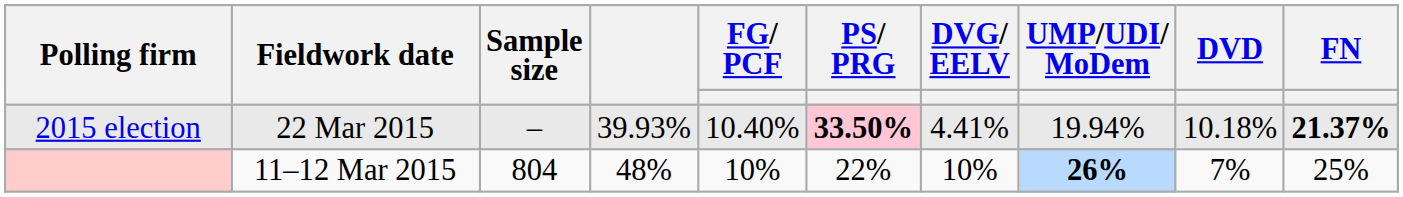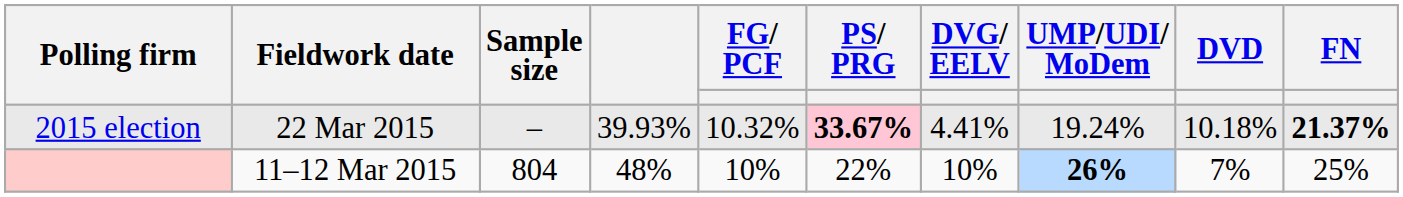 <table class="wikitable sortable" style="text-align:center;font-size:90%;line-height:14px;">
 <tr style="height:40px;">
 <th style="width:100px;" rowspan="2">Polling firm</th>
 <th style="width:110px;" rowspan="2">Fieldwork date</th>
 <th style="width:35px;" rowspan="2">Sample<br>size</th>
 <th style="width:30px;" rowspan="2"></th>
 <th class="unsortable" style="width:40px;"><a href='#'>FG</a>/<br><a href='#'>PCF</a></th>
 <th class="unsortable" style="width:40px;"><a href='#'>PS</a>/<br><a href='#'>PRG</a></th>
 <th class="unsortable" style="width:40px;"><a href='#'>DVG</a>/<br><a href='#'>EELV</a></th>
 <th class="unsortable" style="width:40px;"><a href='#'>UMP</a>/<a href='#'>UDI</a>/<br><a href='#'>MoDem</a></th>
 <th class="unsortable" style="width:40px;"><a href='#'>DVD</a></th>
 <th class="unsortable" style="width:40px;"><a href='#'>FN</a></th>
 </tr>
 <tr>
 <th style="background:"></th>
 <th style="background:"></th>
 <th style="background:"></th>
 <th style="background:"></th>
 <th style="background:"></th>
 <th style="background:"></th>
 </tr>
 <tr style="background:#E9E9E9;">
 <td><a href='#'>2015 election</a></td>
 <td data-sort-value="2015-03-22">22 Mar 2015</td>
 <td>–</td>
 <td>39.93%</td>
-<td>10.40%</td>
-<td style="background:#FFC6D5;"><strong>33.50%</strong></td>
+<td>10.32%</td>
+<td style="background:#FFC6D5;"><strong>33.67%</strong></td>
 <td>4.41%</td>
-<td>19.94%</td>
+<td>19.24%</td>
 <td>10.18%</td>
 <td><strong>21.37%</strong></td>
 </tr>
 <tr>
 <td style="background:#FFCCCC;"></td>
 <td data-sort-value="2015-03-12">11–12 Mar 2015</td>
 <td>804</td>
 <td>48%</td>
 <td>10%</td>
 <td>22%</td>
 <td>10%</td>
 <td style="background:#B9DAFF;"><strong>26%</strong></td>
 <td>7%</td>
 <td>25%</td>
 </tr>
 </table>
